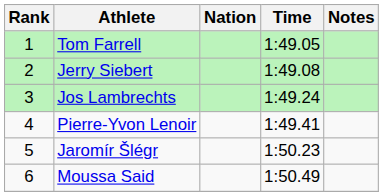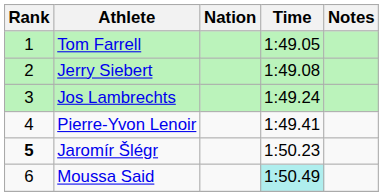 <table class="wikitable sortable" style="text-align:center">
 <tr>
 <th>Rank</th>
 <th>Athlete</th>
 <th>Nation</th>
 <th>Time</th>
 <th>Notes</th>
 </tr>
 <tr bgcolor=bbf3bb>
 <td>1</td>
 <td align=left><a href='#'>Tom Farrell</a></td>
 <td align=left></td>
 <td>1:49.05</td>
 <td></td>
 </tr>
 <tr bgcolor=bbf3bb>
 <td>2</td>
 <td align=left><a href='#'>Jerry Siebert</a></td>
 <td align=left></td>
 <td>1:49.08</td>
 <td></td>
 </tr>
 <tr bgcolor=bbf3bb>
 <td>3</td>
 <td align=left><a href='#'>Jos Lambrechts</a></td>
 <td align=left></td>
 <td>1:49.24</td>
 <td></td>
 </tr>
 <tr>
 <td>4</td>
 <td align=left><a href='#'>Pierre-Yvon Lenoir</a></td>
 <td align=left></td>
 <td>1:49.41</td>
 <td></td>
 </tr>
 <tr>
-<td>5</td>
+<td><strong>5</strong></td>
 <td align=left><a href='#'>Jaromír Šlégr</a></td>
 <td align=left></td>
 <td>1:50.23</td>
 <td></td>
 </tr>
 <tr>
 <td>6</td>
 <td align=left><a href='#'>Moussa Said</a></td>
 <td align=left></td>
-<td>1:50.49</td>
+<td style="background: paleturquoise;">1:50.49</td>
 <td></td>
 </tr>
 <tr>
 </tr>
 </table>
